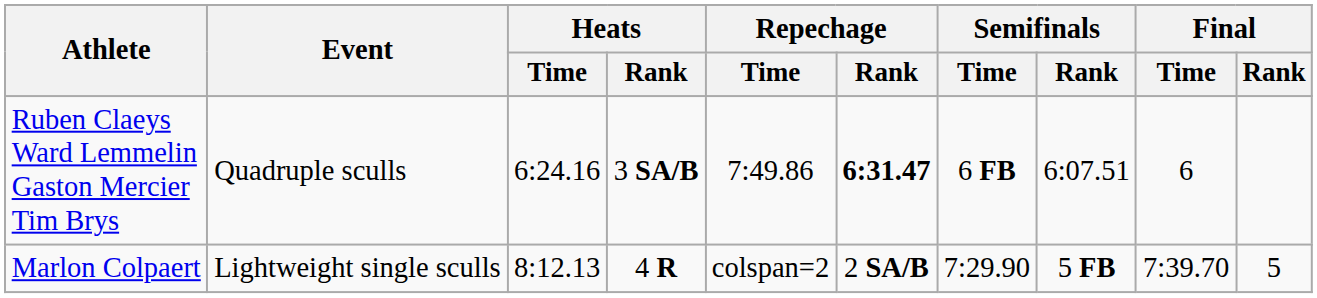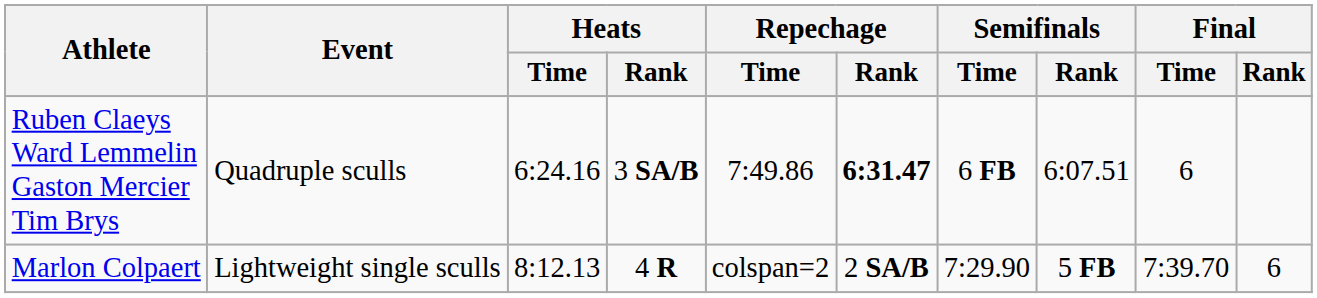 <table class="wikitable" style="font-size:90%">
 <tr>
 <th rowspan="2">Athlete</th>
 <th rowspan="2">Event</th>
 <th colspan="2">Heats</th>
 <th colspan="2">Repechage</th>
 <th colspan="2">Semifinals</th>
 <th colspan="2">Final</th>
 </tr>
 <tr style="font-size:95%">
 <th>Time</th>
 <th>Rank</th>
 <th>Time</th>
 <th>Rank</th>
 <th>Time</th>
 <th>Rank</th>
 <th>Time</th>
 <th>Rank</th>
 </tr>
 <tr align=center>
 <td align=left><a href='#'>Ruben Claeys</a><br><a href='#'>Ward Lemmelin</a><br><a href='#'>Gaston Mercier</a><br><a href='#'>Tim Brys</a></td>
 <td align=left>Quadruple sculls</td>
 <td>6:24.16</td>
 <td>3 <strong>SA/B</strong></td>
 <td>7:49.86</td>
 <td><strong>6:31.47</strong></td>
 <td>6 <strong>FB</strong></td>
 <td>6:07.51</td>
 <td>6</td>
 </tr>
 <tr align=center>
 <td align=left><a href='#'>Marlon Colpaert</a></td>
 <td align=left>Lightweight single sculls</td>
 <td>8:12.13</td>
 <td>4 <strong>R</strong></td>
 <td>colspan=2</td>
 <td>2 <strong>SA/B</strong></td>
 <td>7:29.90</td>
 <td>5 <strong>FB</strong></td>
 <td>7:39.70</td>
-<td>5</td>
+<td>6</td>
 </tr>
 </table>
